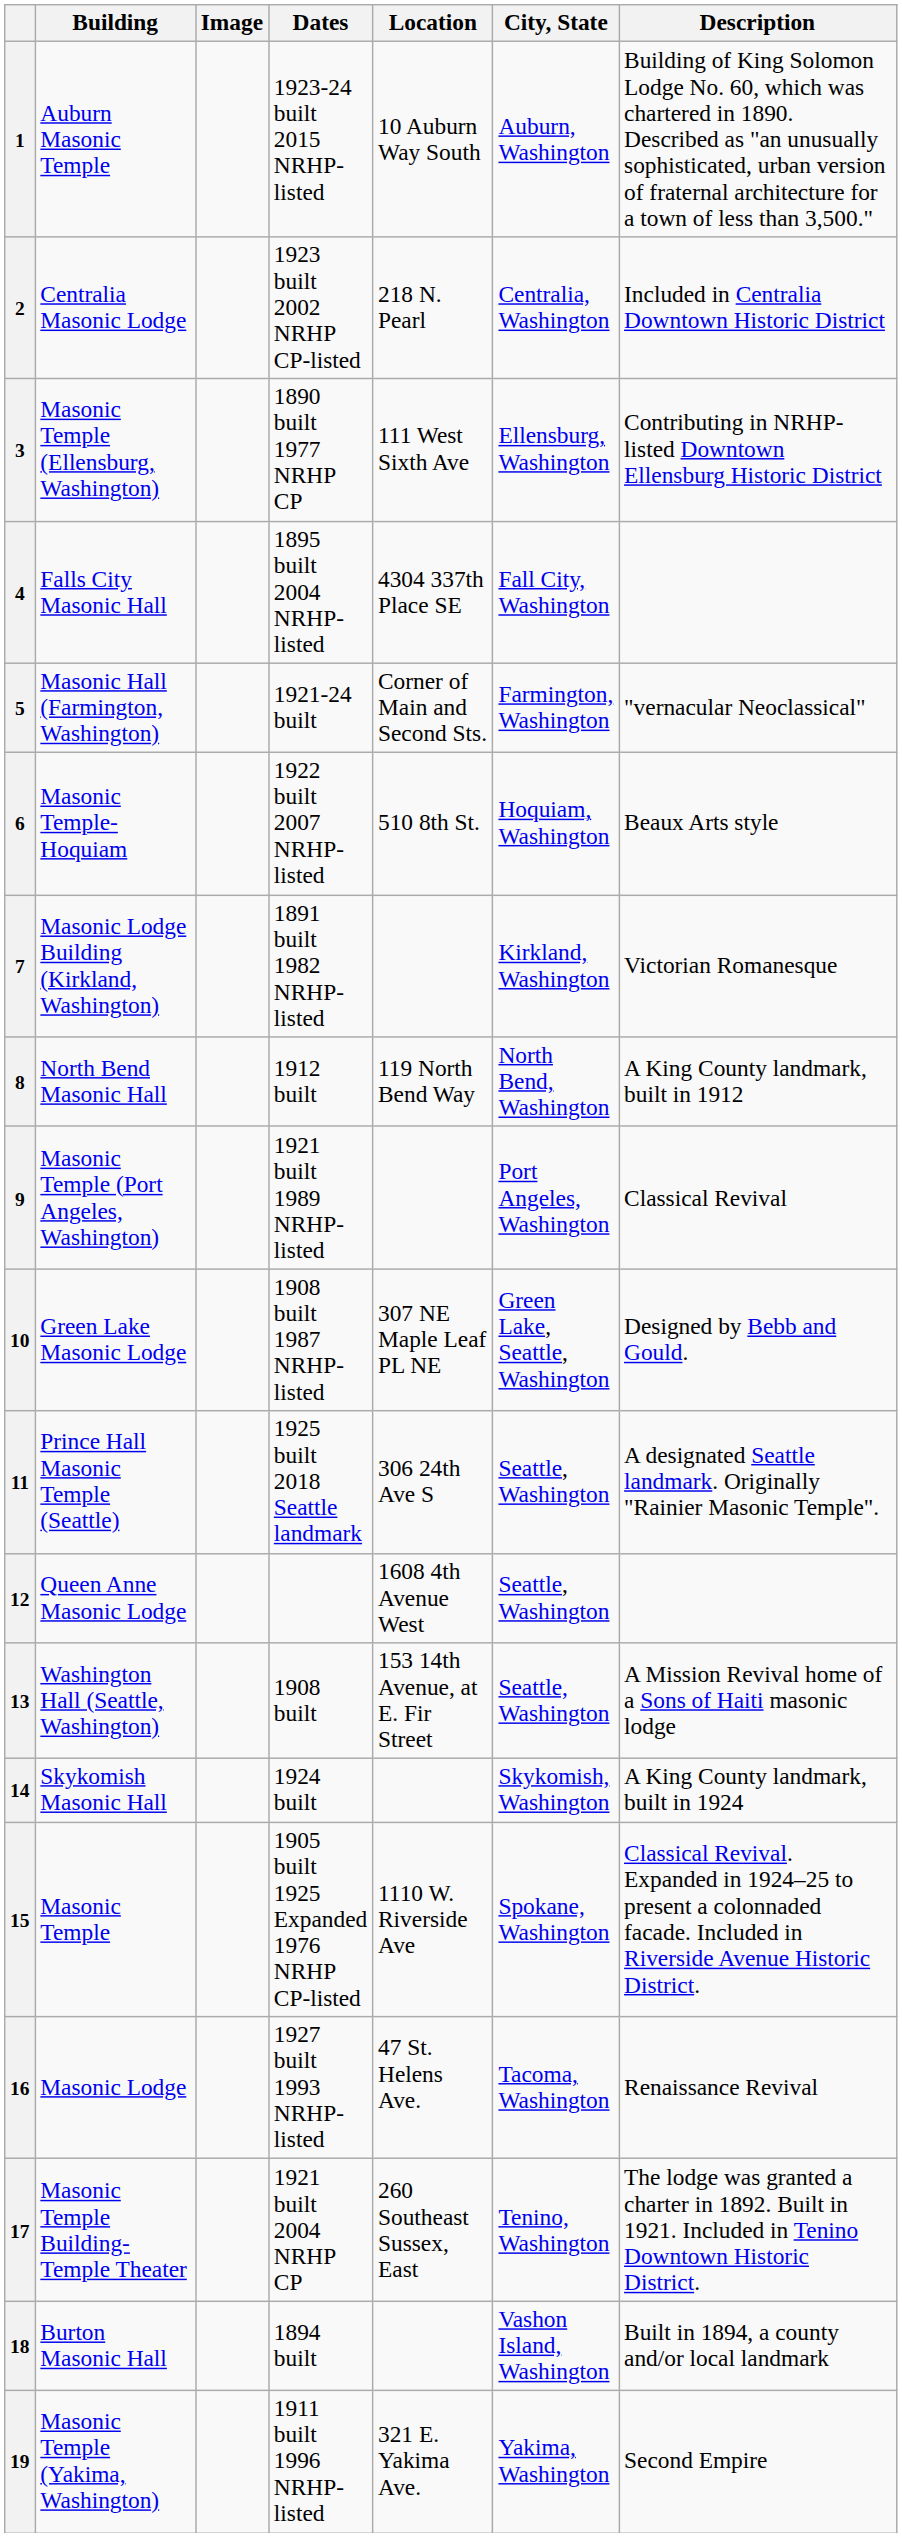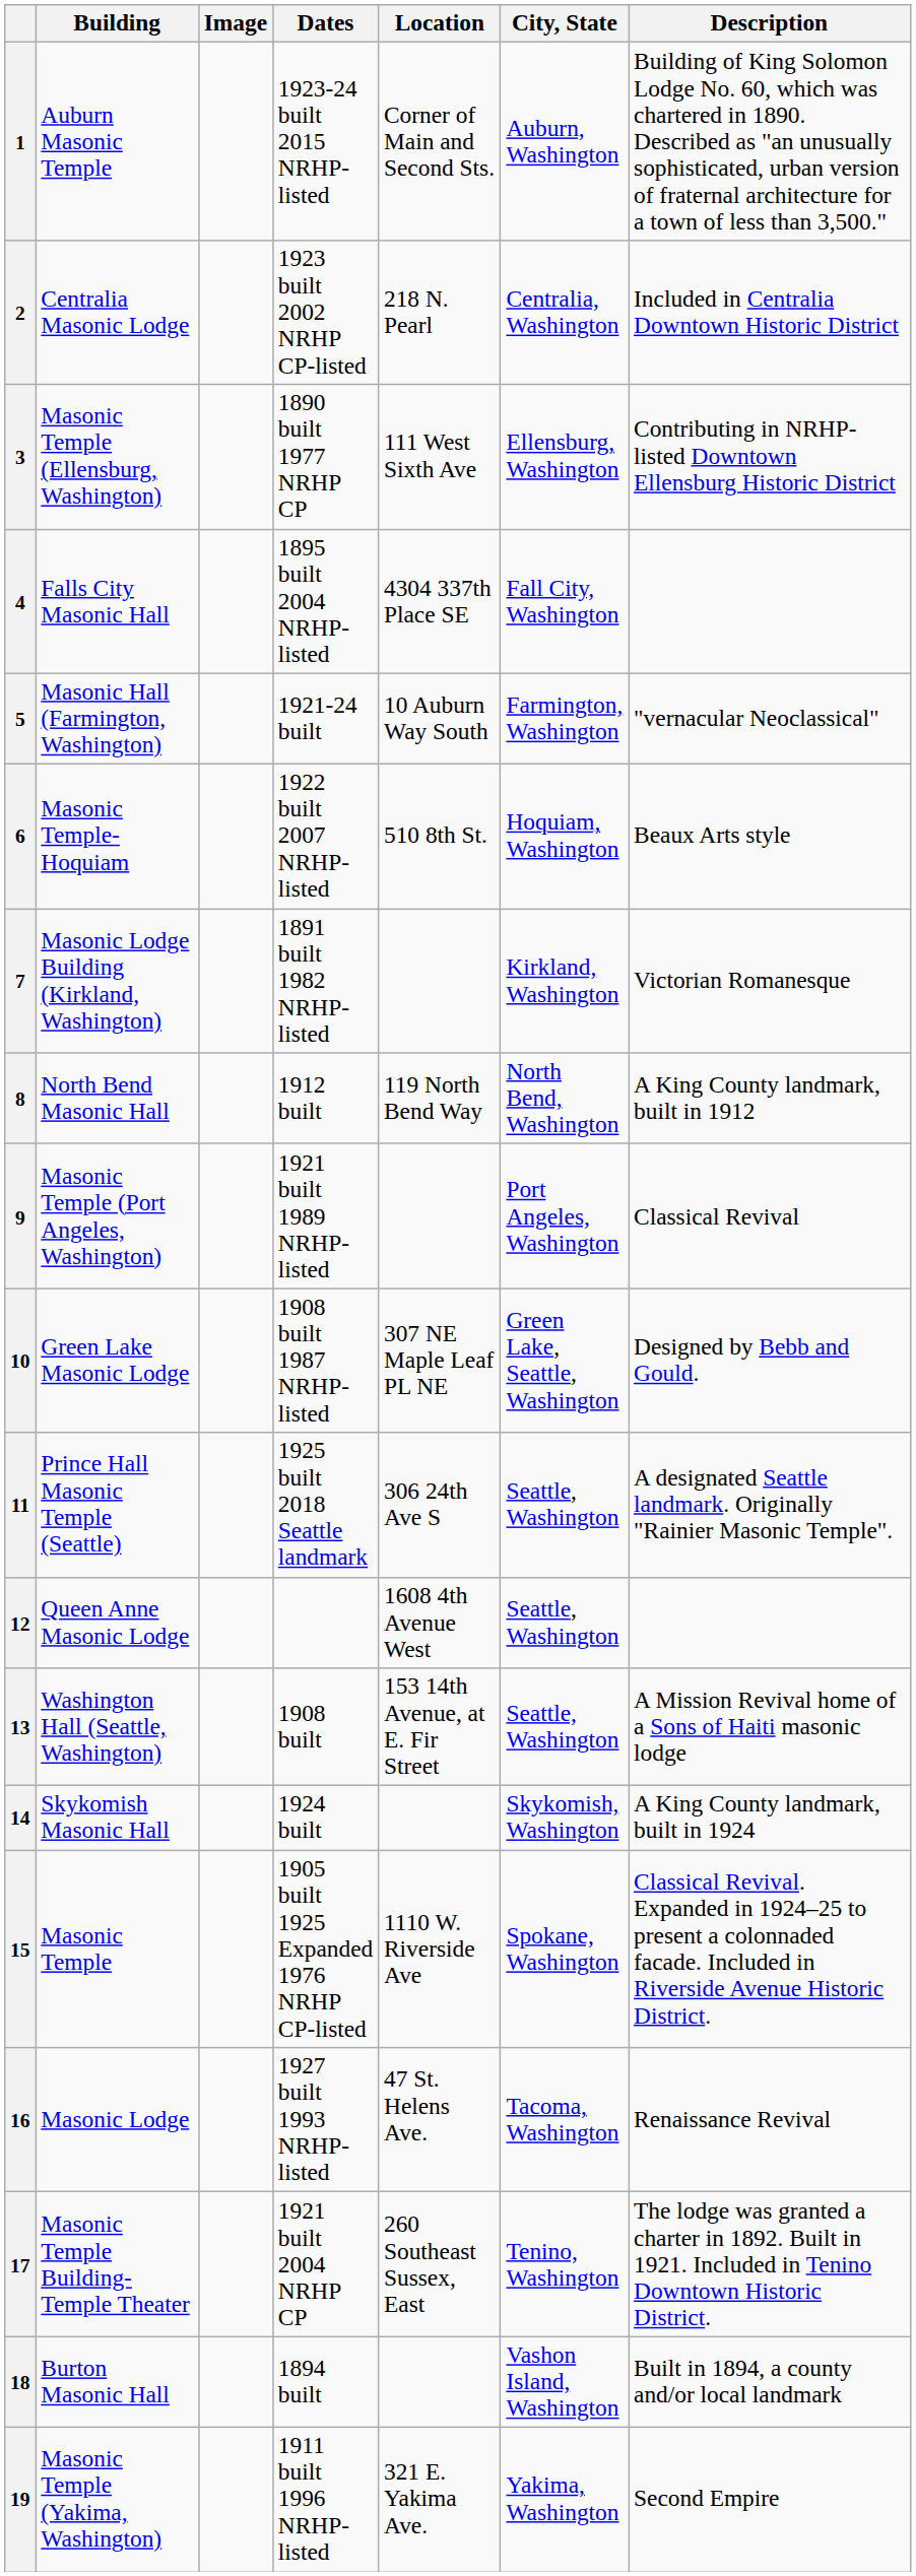 <table class="wikitable sortable" style="width:98%">
 <tr>
 <th></th>
 <th width = 18%><strong>Building</strong></th>
 <th width = 8% class="unsortable"><strong>Image</strong></th>
 <th width = 10%><strong>Dates</strong></th>
 <th><strong>Location</strong></th>
 <th width = 8%><strong>City, State</strong></th>
 <th class="unsortable"><strong>Description</strong></th>
 </tr>
 <tr ->
 <th><small>1</small></th>
 <td><a href='#'>Auburn Masonic Temple</a></td>
 <td></td>
 <td>1923-24 built<br>2015 NRHP-listed</td>
-<td>10 Auburn Way South<br><small></small></td>
+<td>Corner of Main and Second Sts.<br><small></small></td>
 <td><a href='#'>Auburn, Washington</a></td>
 <td>Building of King Solomon Lodge No. 60, which was chartered in 1890. Described as "an unusually sophisticated, urban version of fraternal architecture for a town of less than 3,500."</td>
 </tr>
 <tr ->
 <th><small>2</small></th>
 <td><a href='#'>Centralia Masonic Lodge</a></td>
 <td></td>
 <td>1923 built<br>2002 NRHP CP-listed</td>
 <td>218 N. Pearl</td>
 <td><a href='#'>Centralia, Washington</a></td>
 <td>Included in <a href='#'>Centralia Downtown Historic District</a></td>
 </tr>
 <tr ->
 <th><small>3</small></th>
 <td><a href='#'>Masonic Temple (Ellensburg, Washington)</a></td>
 <td></td>
 <td>1890 built<br>1977 NRHP CP</td>
 <td>111 West Sixth Ave<br><small></small></td>
 <td><a href='#'>Ellensburg, Washington</a></td>
 <td>Contributing in NRHP-listed <a href='#'>Downtown Ellensburg Historic District</a></td>
 </tr>
 <tr>
 <th><small>4</small></th>
 <td><a href='#'>Falls City Masonic Hall</a></td>
 <td></td>
 <td>1895 built<br>2004 NRHP-listed</td>
 <td>4304 337th Place SE<br><small></small></td>
 <td><a href='#'>Fall City, Washington</a></td>
 <td></td>
 </tr>
 <tr ->
 <th><small>5</small></th>
 <td><a href='#'>Masonic Hall (Farmington, Washington)</a></td>
 <td></td>
 <td>1921-24 built</td>
-<td>Corner of Main and Second Sts.<br><small></small></td>
+<td>10 Auburn Way South<br><small></small></td>
 <td><a href='#'>Farmington, Washington</a></td>
 <td>"vernacular Neoclassical"</td>
 </tr>
 <tr ->
 <th><small>6</small></th>
 <td><a href='#'>Masonic Temple-Hoquiam</a></td>
 <td></td>
 <td>1922 built<br>2007 NRHP-listed</td>
 <td>510 8th St.<br><small></small></td>
 <td><a href='#'>Hoquiam, Washington</a></td>
 <td>Beaux Arts style</td>
 </tr>
 <tr ->
 <th><small>7</small></th>
 <td><a href='#'>Masonic Lodge Building (Kirkland, Washington)</a></td>
 <td></td>
 <td>1891 built<br>1982 NRHP-listed</td>
 <td><br><small></small></td>
 <td><a href='#'>Kirkland, Washington</a></td>
 <td>Victorian Romanesque</td>
 </tr>
 <tr ->
 <th><small>8</small></th>
 <td><a href='#'>North Bend Masonic Hall</a></td>
 <td></td>
 <td>1912 built</td>
 <td>119 North Bend Way<br><small></small></td>
 <td><a href='#'>North Bend, Washington</a></td>
 <td>A King County landmark, built in 1912</td>
 </tr>
 <tr ->
 <th><small>9</small></th>
 <td><a href='#'>Masonic Temple (Port Angeles, Washington)</a></td>
 <td></td>
 <td>1921 built<br>1989 NRHP-listed</td>
 <td><br><small></small></td>
 <td><a href='#'>Port Angeles, Washington</a></td>
 <td>Classical Revival</td>
 </tr>
 <tr>
 <th><small>10</small></th>
 <td><a href='#'>Green Lake Masonic Lodge</a></td>
 <td></td>
 <td>1908 built<br>1987 NRHP-listed</td>
 <td>307 NE Maple Leaf PL NE<br><small></small></td>
 <td><a href='#'>Green Lake</a>, <a href='#'>Seattle</a>, <a href='#'>Washington</a></td>
 <td>Designed by <a href='#'>Bebb and Gould</a>.</td>
 </tr>
 <tr>
 <th><small>11</small></th>
 <td><a href='#'>Prince Hall Masonic Temple (Seattle)</a></td>
 <td></td>
 <td>1925 built<br>2018 <a href='#'>Seattle landmark</a></td>
 <td>306 24th Ave S<br><small></small></td>
 <td><a href='#'>Seattle</a>, <a href='#'>Washington</a></td>
 <td>A designated <a href='#'>Seattle landmark</a>. Originally "Rainier Masonic Temple".</td>
 </tr>
 <tr>
 <th><small>12</small></th>
 <td><a href='#'>Queen Anne Masonic Lodge</a></td>
 <td></td>
 <td></td>
 <td>1608 4th Avenue West</td>
 <td><a href='#'>Seattle</a>, <a href='#'>Washington</a></td>
 <td></td>
 </tr>
 <tr>
 <th><small>13</small></th>
 <td><a href='#'>Washington Hall (Seattle, Washington)</a></td>
 <td></td>
 <td>1908 built</td>
 <td>153 14th Avenue, at E. Fir Street<br><small></small></td>
 <td><a href='#'>Seattle, Washington</a></td>
 <td>A Mission Revival home of a <a href='#'>Sons of Haiti</a> masonic lodge</td>
 </tr>
 <tr ->
 <th><small>14</small></th>
 <td><a href='#'>Skykomish Masonic Hall</a></td>
 <td></td>
 <td>1924 built</td>
 <td></td>
 <td><a href='#'>Skykomish, Washington</a></td>
 <td>A King County landmark, built in 1924</td>
 </tr>
 <tr ->
 <th><small>15</small></th>
 <td><a href='#'>Masonic Temple</a></td>
 <td></td>
 <td>1905 built<br>1925 Expanded<br>1976 NRHP CP-listed</td>
 <td>1110 W. Riverside Ave</td>
 <td><a href='#'>Spokane, Washington</a></td>
 <td><a href='#'>Classical Revival</a>.  Expanded in 1924–25 to present a  colonnaded facade.  Included in <a href='#'>Riverside Avenue Historic District</a>.</td>
 </tr>
 <tr ->
 <th><small>16</small></th>
 <td><a href='#'>Masonic Lodge</a></td>
 <td></td>
 <td>1927 built<br>1993 NRHP-listed</td>
 <td>47 St. Helens Ave.<br><br><small></small></td>
 <td><a href='#'>Tacoma, Washington</a></td>
 <td>Renaissance Revival</td>
 </tr>
 <tr ->
 <th><small>17</small></th>
 <td><a href='#'>Masonic Temple Building-Temple Theater</a></td>
 <td></td>
 <td>1921 built<br>2004 NRHP CP</td>
 <td>260 Southeast Sussex, East<br><small></small></td>
 <td><a href='#'>Tenino, Washington</a></td>
 <td>The lodge was granted a charter in 1892. Built in 1921. Included in <a href='#'>Tenino Downtown Historic District</a>.</td>
 </tr>
 <tr>
 <th><small>18</small></th>
 <td><a href='#'>Burton Masonic Hall</a></td>
 <td></td>
 <td>1894 built</td>
 <td></td>
 <td><a href='#'>Vashon Island, Washington</a></td>
 <td>Built in 1894, a county and/or local landmark</td>
 </tr>
 <tr>
 <th><small>19</small></th>
 <td><a href='#'>Masonic Temple (Yakima, Washington)</a></td>
 <td></td>
 <td>1911 built<br>1996 NRHP-listed</td>
 <td>321 E. Yakima Ave.<br><small></small></td>
 <td><a href='#'>Yakima, Washington</a></td>
 <td>Second Empire</td>
 </tr>
 <tr ->
 </tr>
 </table>
